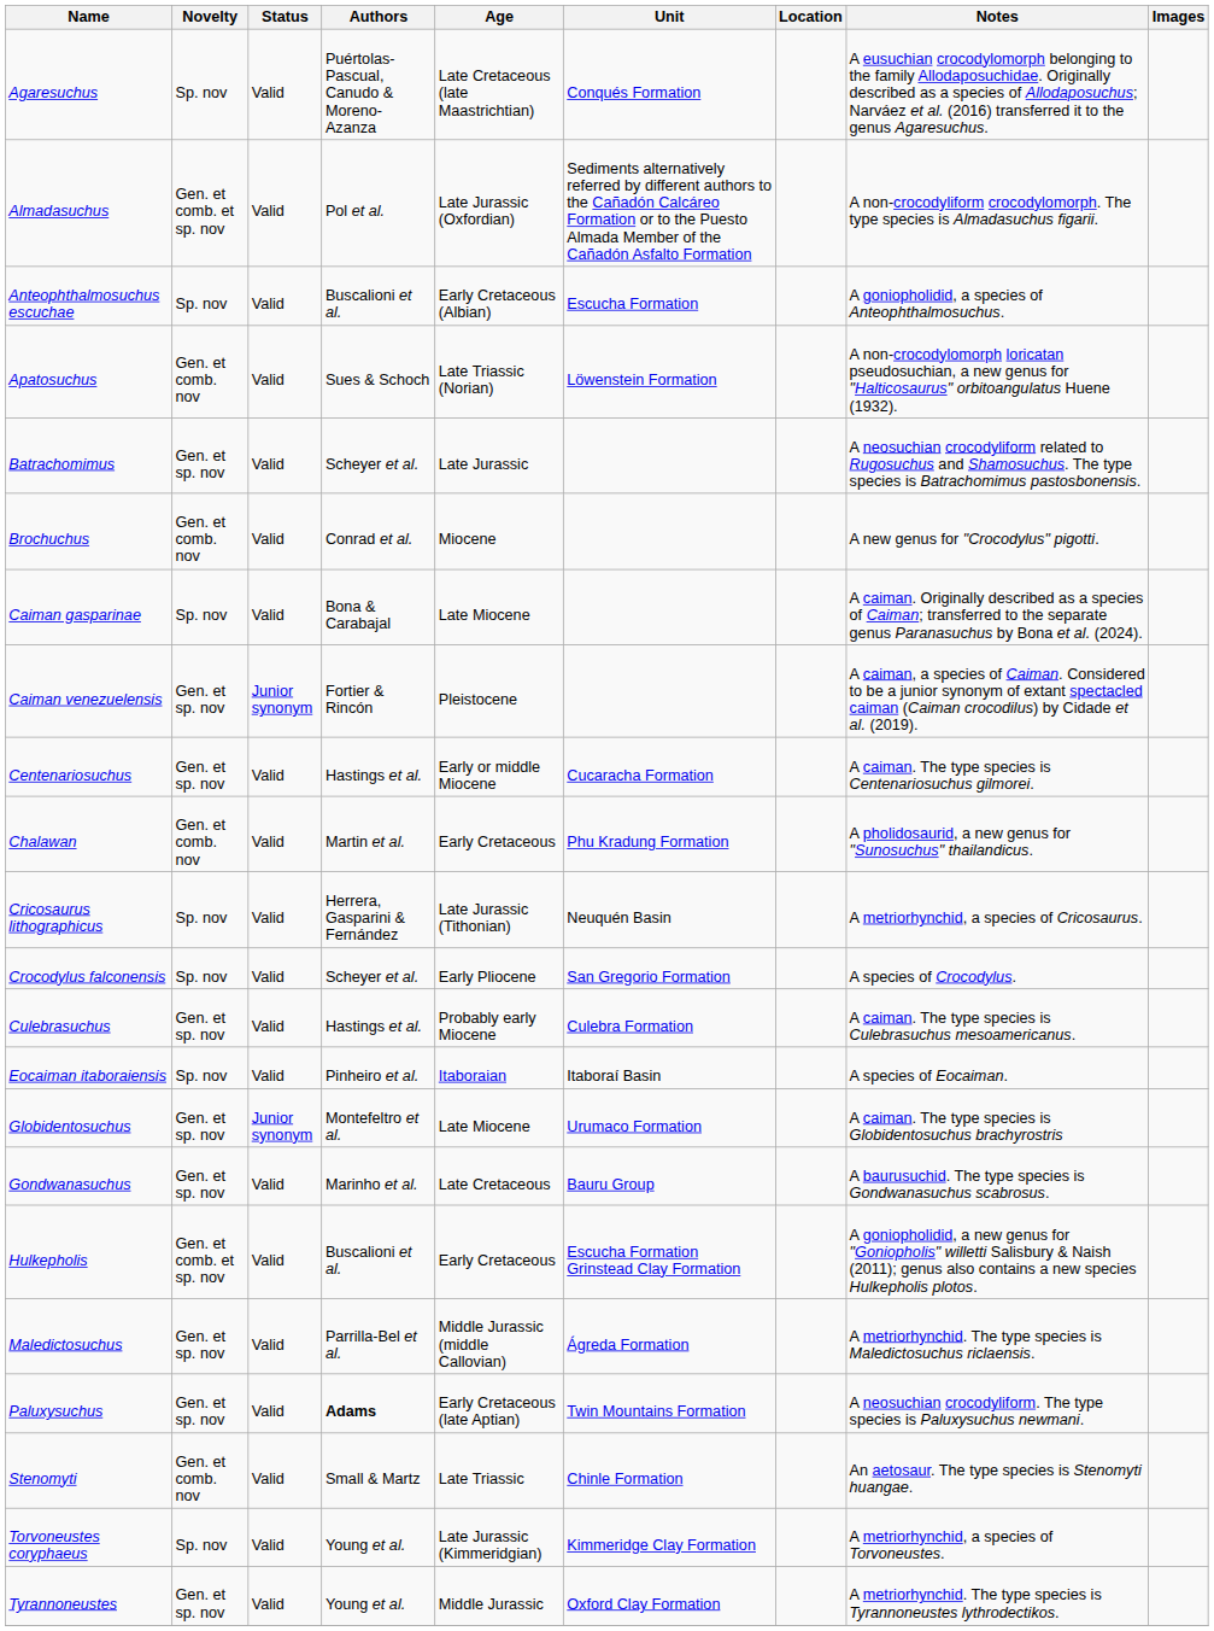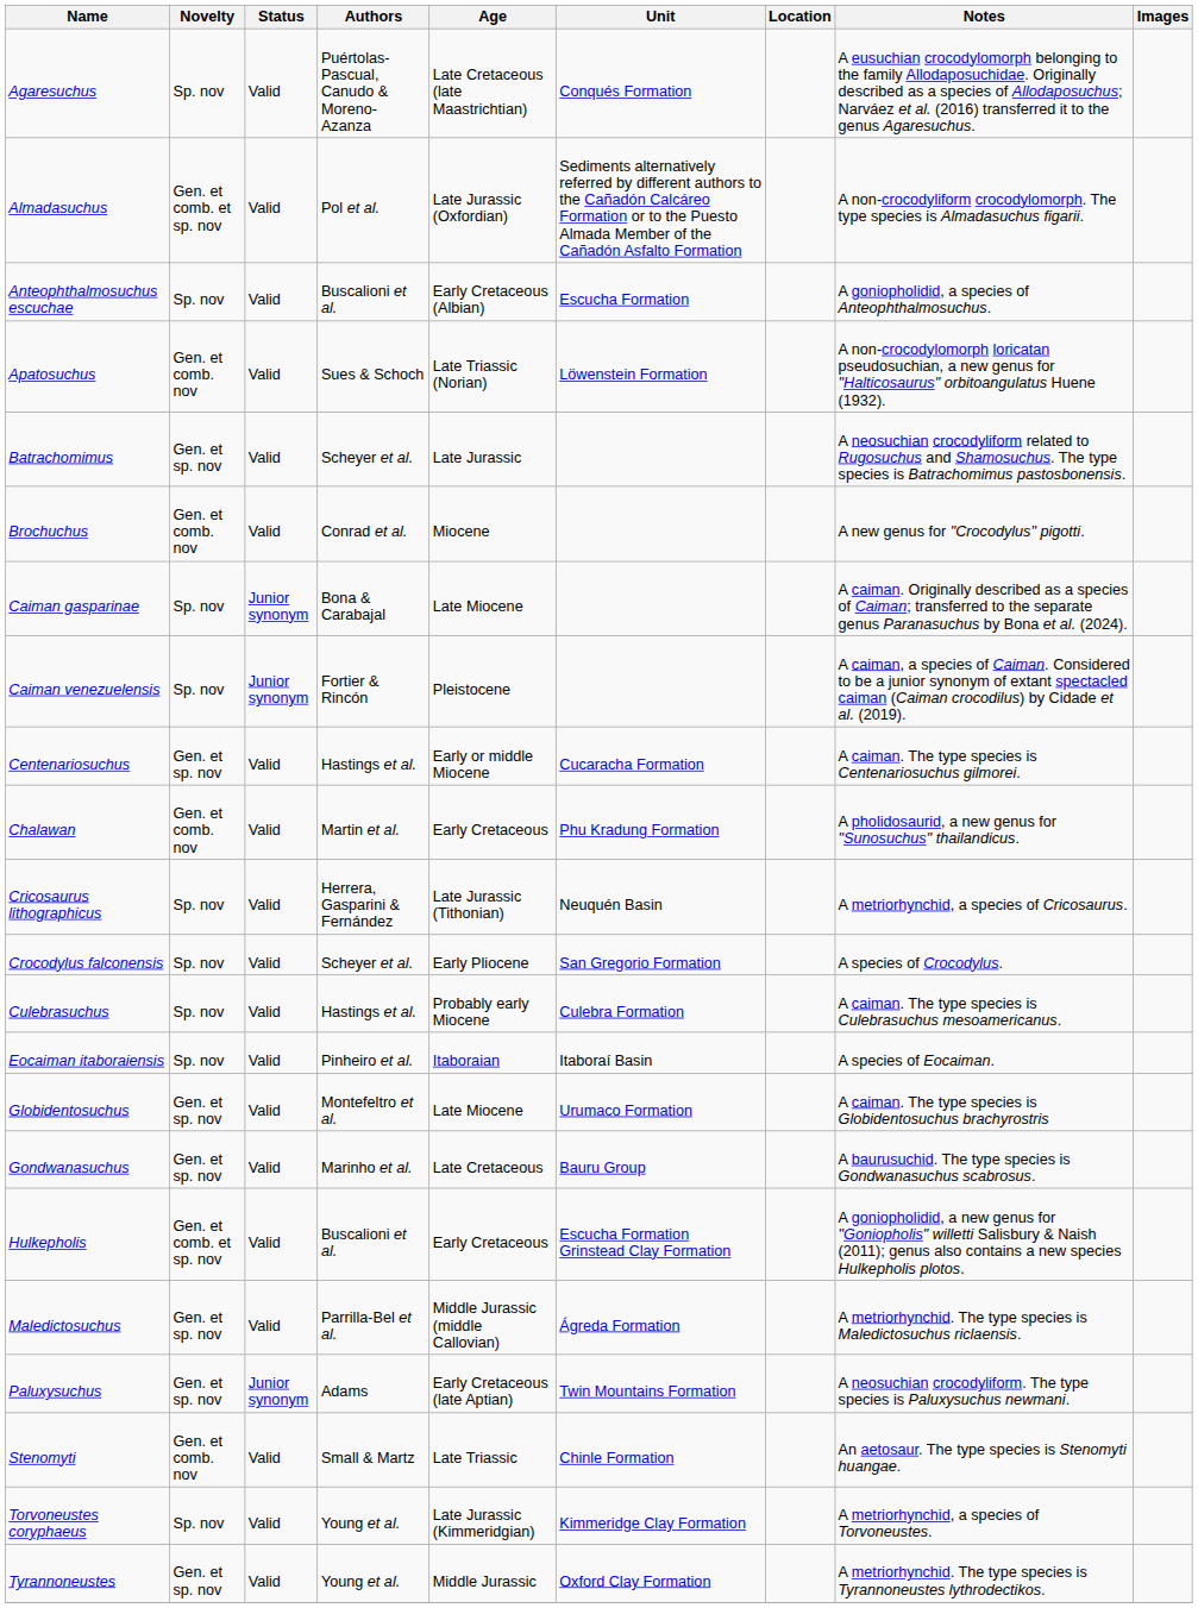 <table class="wikitable sortable" align="center" width="100%">
 <tr>
 <th>Name</th>
 <th>Novelty</th>
 <th>Status</th>
 <th>Authors</th>
 <th>Age</th>
 <th>Unit</th>
 <th>Location</th>
 <th>Notes</th>
 <th>Images</th>
 </tr>
 <tr>
 <td><br><em><a href='#'>Agaresuchus</a></em></td>
 <td><br>Sp. nov</td>
 <td><br>Valid</td>
 <td><br>Puértolas-Pascual, Canudo & Moreno-Azanza</td>
 <td><br>Late Cretaceous (late Maastrichtian)</td>
 <td><br><a href='#'>Conqués Formation</a></td>
 <td><br></td>
 <td><br>A <a href='#'>eusuchian</a> <a href='#'>crocodylomorph</a> belonging to the family <a href='#'>Allodaposuchidae</a>. Originally described as a species of <em><a href='#'>Allodaposuchus</a></em>; Narváez <em>et al.</em> (2016) transferred it to the genus <em>Agaresuchus</em>.</td>
 <td></td>
 </tr>
 <tr>
 <td><br><em><a href='#'>Almadasuchus</a></em></td>
 <td><br>Gen. et comb. et sp. nov</td>
 <td><br>Valid</td>
 <td><br>Pol <em>et al.</em></td>
 <td><br>Late Jurassic (Oxfordian)</td>
 <td><br>Sediments alternatively referred by different authors to the <a href='#'>Cañadón Calcáreo Formation</a> or to the Puesto Almada Member of the <a href='#'>Cañadón Asfalto Formation</a></td>
 <td><br></td>
 <td><br>A non-<a href='#'>crocodyliform</a> <a href='#'>crocodylomorph</a>. The type species is <em>Almadasuchus figarii</em>.</td>
 <td></td>
 </tr>
 <tr>
 <td><br><em><a href='#'>Anteophthalmosuchus escuchae</a></em></td>
 <td><br>Sp. nov</td>
 <td><br>Valid</td>
 <td><br>Buscalioni <em>et al.</em></td>
 <td><br>Early Cretaceous (Albian)</td>
 <td><br><a href='#'>Escucha Formation</a></td>
 <td><br></td>
 <td><br>A <a href='#'>goniopholidid</a>, a species of <em>Anteophthalmosuchus</em>.</td>
 <td></td>
 </tr>
 <tr>
 <td><br><em><a href='#'>Apatosuchus</a></em></td>
 <td><br>Gen. et comb. nov</td>
 <td><br>Valid</td>
 <td><br>Sues & Schoch</td>
 <td><br>Late Triassic (Norian)</td>
 <td><br><a href='#'>Löwenstein Formation</a></td>
 <td><br></td>
 <td><br>A non-<a href='#'>crocodylomorph</a> <a href='#'>loricatan</a> pseudosuchian, a new genus for <em>"<a href='#'>Halticosaurus</a>" orbitoangulatus</em> Huene (1932).</td>
 <td></td>
 </tr>
 <tr>
 <td><br><em><a href='#'>Batrachomimus</a></em></td>
 <td><br>Gen. et sp. nov</td>
 <td><br>Valid</td>
 <td><br>Scheyer <em>et al.</em></td>
 <td><br>Late Jurassic</td>
 <td></td>
 <td><br></td>
 <td><br>A <a href='#'>neosuchian</a> <a href='#'>crocodyliform</a> related to <em><a href='#'>Rugosuchus</a></em> and <em><a href='#'>Shamosuchus</a></em>. The type species is <em>Batrachomimus pastosbonensis</em>.</td>
 <td></td>
 </tr>
 <tr>
 <td><br><em><a href='#'>Brochuchus</a></em></td>
 <td><br>Gen. et comb. nov</td>
 <td><br>Valid</td>
 <td><br>Conrad <em>et al.</em></td>
 <td><br>Miocene</td>
 <td></td>
 <td><br></td>
 <td><br>A new genus for <em>"Crocodylus" pigotti</em>.</td>
 <td></td>
 </tr>
 <tr>
 <td><br><em><a href='#'>Caiman gasparinae</a></em></td>
 <td><br>Sp. nov</td>
-<td><br>Valid</td>
+<td><br><a href='#'>Junior synonym</a></td>
 <td><br>Bona & Carabajal</td>
 <td><br>Late Miocene</td>
 <td></td>
 <td><br></td>
 <td><br>A <a href='#'>caiman</a>. Originally described as a species of <em><a href='#'>Caiman</a></em>; transferred to the separate genus <em>Paranasuchus</em> by Bona <em>et al.</em> (2024).</td>
 <td></td>
 </tr>
 <tr>
 <td><br><em><a href='#'>Caiman venezuelensis</a></em></td>
-<td><br>Gen. et sp. nov</td>
+<td><br>Sp. nov</td>
 <td><br><a href='#'>Junior synonym</a></td>
 <td><br>Fortier & Rincón</td>
 <td><br>Pleistocene</td>
 <td></td>
 <td><br></td>
 <td><br>A <a href='#'>caiman</a>, a species of <em><a href='#'>Caiman</a></em>. Considered to be a junior synonym of extant <a href='#'>spectacled caiman</a> (<em>Caiman crocodilus</em>) by Cidade <em>et al.</em> (2019).</td>
 <td></td>
 </tr>
 <tr>
 <td><br><em><a href='#'>Centenariosuchus</a></em></td>
 <td><br>Gen. et sp. nov</td>
 <td><br>Valid</td>
 <td><br>Hastings <em>et al.</em></td>
 <td><br>Early or middle Miocene</td>
 <td><br><a href='#'>Cucaracha Formation</a></td>
 <td><br></td>
 <td><br>A <a href='#'>caiman</a>. The type species is <em>Centenariosuchus gilmorei</em>.</td>
 <td></td>
 </tr>
 <tr>
 <td><br><em><a href='#'>Chalawan</a></em></td>
 <td><br>Gen. et comb. nov</td>
 <td><br>Valid</td>
 <td><br>Martin <em>et al.</em></td>
 <td><br>Early Cretaceous</td>
 <td><br><a href='#'>Phu Kradung Formation</a></td>
 <td><br></td>
 <td><br>A <a href='#'>pholidosaurid</a>, a new genus for <em>"<a href='#'>Sunosuchus</a>" thailandicus</em>.</td>
 <td></td>
 </tr>
 <tr>
 <td><br><em><a href='#'>Cricosaurus lithographicus</a></em></td>
 <td><br>Sp. nov</td>
 <td><br>Valid</td>
 <td><br>Herrera, Gasparini & Fernández</td>
 <td><br>Late Jurassic (Tithonian)</td>
 <td><br>Neuquén Basin</td>
 <td><br></td>
 <td><br>A <a href='#'>metriorhynchid</a>, a species of <em>Cricosaurus</em>.</td>
 <td></td>
 </tr>
 <tr>
 <td><br><em><a href='#'>Crocodylus falconensis</a></em></td>
 <td><br>Sp. nov</td>
 <td><br>Valid</td>
 <td><br>Scheyer <em>et al.</em></td>
 <td><br>Early Pliocene</td>
 <td><br><a href='#'>San Gregorio Formation</a></td>
 <td><br></td>
 <td><br>A species of <em><a href='#'>Crocodylus</a></em>.</td>
 <td></td>
 </tr>
 <tr>
 <td><br><em><a href='#'>Culebrasuchus</a></em></td>
-<td><br>Gen. et sp. nov</td>
+<td><br>Sp. nov</td>
 <td><br>Valid</td>
 <td><br>Hastings <em>et al.</em></td>
 <td><br>Probably early Miocene</td>
 <td><br><a href='#'>Culebra Formation</a></td>
 <td><br></td>
 <td><br>A <a href='#'>caiman</a>. The type species is <em>Culebrasuchus mesoamericanus</em>.</td>
 <td></td>
 </tr>
 <tr>
 <td><br><em><a href='#'>Eocaiman itaboraiensis</a></em></td>
 <td><br>Sp. nov</td>
 <td><br>Valid</td>
 <td><br>Pinheiro <em>et al.</em></td>
 <td><br><a href='#'>Itaboraian</a></td>
 <td><br>Itaboraí Basin</td>
 <td><br></td>
 <td><br>A species of <em>Eocaiman</em>.</td>
 <td></td>
 </tr>
 <tr>
 <td><br><em><a href='#'>Globidentosuchus</a></em></td>
 <td><br>Gen. et sp. nov</td>
-<td><br><a href='#'>Junior synonym</a></td>
+<td><br>Valid</td>
 <td><br>Montefeltro <em>et al.</em></td>
 <td><br>Late Miocene</td>
 <td><br><a href='#'>Urumaco Formation</a></td>
 <td><br></td>
 <td><br>A <a href='#'>caiman</a>. The type species is <em>Globidentosuchus brachyrostris</em></td>
 <td></td>
 </tr>
 <tr>
 <td><br><em><a href='#'>Gondwanasuchus</a></em></td>
 <td><br>Gen. et sp. nov</td>
 <td><br>Valid</td>
 <td><br>Marinho <em>et al.</em></td>
 <td><br>Late Cretaceous</td>
 <td><br><a href='#'>Bauru Group</a></td>
 <td><br></td>
 <td><br>A <a href='#'>baurusuchid</a>. The type species is <em>Gondwanasuchus scabrosus</em>.</td>
 <td></td>
 </tr>
 <tr>
 <td><br><em><a href='#'>Hulkepholis</a></em></td>
 <td><br>Gen. et comb. et sp. nov</td>
 <td><br>Valid</td>
 <td><br>Buscalioni <em>et al.</em></td>
 <td><br>Early Cretaceous</td>
 <td><br><a href='#'>Escucha Formation</a><br> <a href='#'>Grinstead Clay Formation</a></td>
 <td><br><br> </td>
 <td><br>A <a href='#'>goniopholidid</a>, a new genus for <em>"<a href='#'>Goniopholis</a>" willetti</em> Salisbury & Naish (2011); genus also contains a new species <em>Hulkepholis plotos</em>.</td>
 <td></td>
 </tr>
 <tr>
 <td><br><em><a href='#'>Maledictosuchus</a></em></td>
 <td><br>Gen. et sp. nov</td>
 <td><br>Valid</td>
 <td><br>Parrilla-Bel <em>et al.</em></td>
 <td><br>Middle Jurassic (middle Callovian)</td>
 <td><br><a href='#'>Ágreda Formation</a></td>
 <td><br></td>
 <td><br>A <a href='#'>metriorhynchid</a>. The type species is <em>Maledictosuchus riclaensis</em>.</td>
 <td></td>
 </tr>
 <tr>
 <td><br><em><a href='#'>Paluxysuchus</a></em></td>
 <td><br>Gen. et sp. nov</td>
-<td><br>Valid</td>
-<td><strong><br>Adams</strong></td>
+<td><br><a href='#'>Junior synonym</a></td>
+<td><br>Adams</td>
 <td><br>Early Cretaceous (late Aptian)</td>
 <td><br><a href='#'>Twin Mountains Formation</a></td>
 <td><br></td>
 <td><br>A <a href='#'>neosuchian</a> <a href='#'>crocodyliform</a>. The type species is <em>Paluxysuchus newmani</em>.</td>
 <td></td>
 </tr>
 <tr>
 <td><br><em><a href='#'>Stenomyti</a></em></td>
 <td><br>Gen. et comb. nov</td>
 <td><br>Valid</td>
 <td><br>Small & Martz</td>
 <td><br>Late Triassic</td>
 <td><br><a href='#'>Chinle Formation</a></td>
 <td><br></td>
 <td><br>An <a href='#'>aetosaur</a>. The type species is <em>Stenomyti huangae</em>.</td>
 <td></td>
 </tr>
 <tr>
 <td><br><em><a href='#'>Torvoneustes coryphaeus</a></em></td>
 <td><br>Sp. nov</td>
 <td><br>Valid</td>
 <td><br>Young <em>et al.</em></td>
 <td><br>Late Jurassic (Kimmeridgian)</td>
 <td><br><a href='#'>Kimmeridge Clay Formation</a></td>
 <td><br></td>
 <td><br>A <a href='#'>metriorhynchid</a>, a species of <em>Torvoneustes</em>.</td>
 <td></td>
 </tr>
 <tr>
 <td><br><em><a href='#'>Tyrannoneustes</a></em></td>
 <td><br>Gen. et sp. nov</td>
 <td><br>Valid</td>
 <td><br>Young <em>et al.</em></td>
 <td><br>Middle Jurassic</td>
 <td><br><a href='#'>Oxford Clay Formation</a></td>
 <td><br></td>
 <td><br>A <a href='#'>metriorhynchid</a>. The type species is <em>Tyrannoneustes lythrodectikos</em>.</td>
 <td></td>
 </tr>
 <tr>
 </tr>
 </table>
